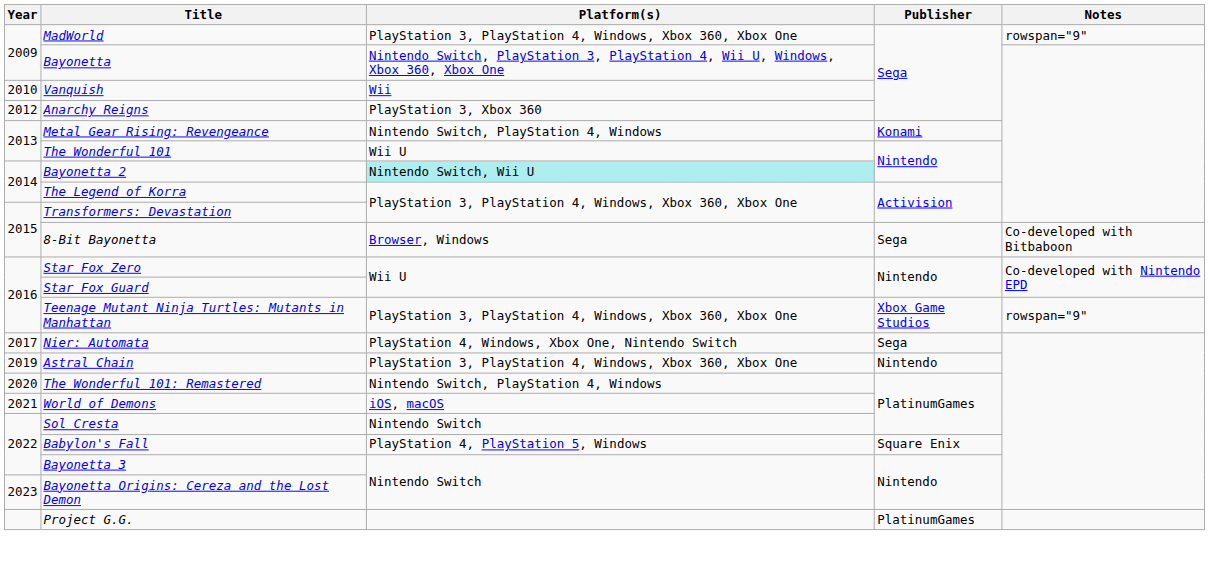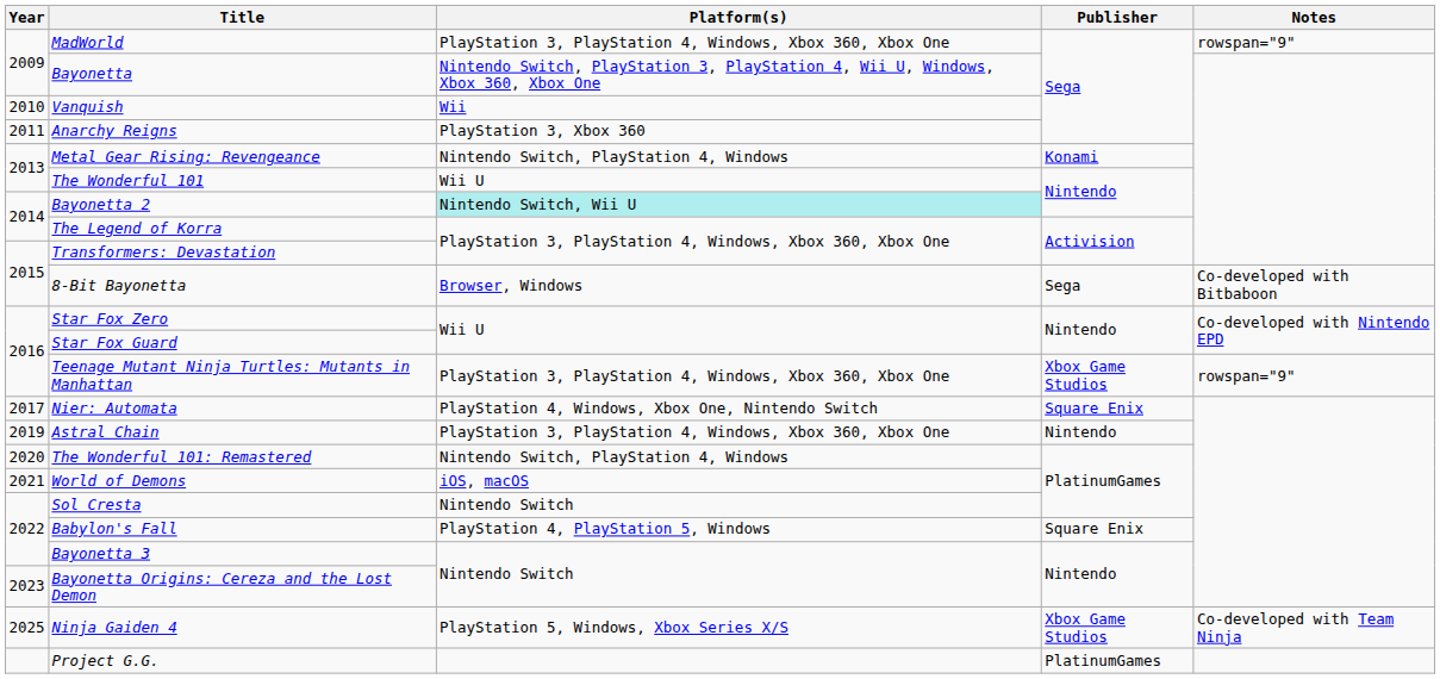 <table class="wikitable sortable">
 <tr>
 <th>Year</th>
 <th>Title</th>
 <th>Platform(s)</th>
 <th>Publisher</th>
 <th class="unsortable">Notes</th>
 </tr>
 <tr>
 <td rowspan="2">2009</td>
 <td><em><a href='#'>MadWorld</a></em></td>
 <td>PlayStation 3, PlayStation 4, Windows, Xbox 360, Xbox One</td>
 <td rowspan="4"><a href='#'>Sega</a></td>
 <td>rowspan="9" </td>
 </tr>
 <tr>
 <td><em><a href='#'>Bayonetta</a></em></td>
 <td><a href='#'>Nintendo Switch</a>, <a href='#'>PlayStation 3</a>, <a href='#'>PlayStation 4</a>, <a href='#'>Wii U</a>, <a href='#'>Windows</a>, <a href='#'>Xbox 360</a>, <a href='#'>Xbox One</a></td>
 </tr>
 <tr>
 <td>2010</td>
 <td><em><a href='#'>Vanquish</a></em></td>
 <td><a href='#'>Wii</a></td>
 </tr>
 <tr>
-<td>2012</td>
+<td>2011</td>
 <td><em><a href='#'>Anarchy Reigns</a></em></td>
 <td>PlayStation 3, Xbox 360</td>
 </tr>
 <tr>
 <td rowspan="2">2013</td>
 <td><em><a href='#'>Metal Gear Rising: Revengeance</a></em></td>
 <td>Nintendo Switch, PlayStation 4, Windows</td>
 <td><a href='#'>Konami</a></td>
 </tr>
 <tr>
 <td><em><a href='#'>The Wonderful 101</a></em></td>
 <td>Wii U</td>
 <td rowspan="2"><a href='#'>Nintendo</a></td>
 </tr>
 <tr>
 <td rowspan="2">2014</td>
 <td><em><a href='#'>Bayonetta 2</a></em></td>
 <td style="background: paleturquoise;">Nintendo Switch, Wii U</td>
 </tr>
 <tr>
 <td><em><a href='#'>The Legend of Korra</a></em></td>
 <td rowspan="2">PlayStation 3, PlayStation 4, Windows, Xbox 360, Xbox One</td>
 <td rowspan="2"><a href='#'>Activision</a></td>
 </tr>
 <tr>
 <td rowspan="2">2015</td>
 <td><em><a href='#'>Transformers: Devastation</a></em></td>
 </tr>
 <tr>
 <td><em>8-Bit Bayonetta</em></td>
 <td><a href='#'>Browser</a>, Windows</td>
 <td>Sega</td>
 <td>Co-developed with Bitbaboon</td>
 </tr>
 <tr>
 <td rowspan="3">2016</td>
 <td><em><a href='#'>Star Fox Zero</a></em></td>
 <td rowspan="2">Wii U</td>
 <td rowspan="2">Nintendo</td>
 <td rowspan="2">Co-developed with <a href='#'>Nintendo EPD</a></td>
 </tr>
 <tr>
 <td><em><a href='#'>Star Fox Guard</a></em></td>
 </tr>
 <tr>
 <td><em><a href='#'>Teenage Mutant Ninja Turtles: Mutants in Manhattan</a></em></td>
 <td>PlayStation 3, PlayStation 4, Windows, Xbox 360, Xbox One</td>
 <td rowspan="1"><a href='#'>Xbox Game Studios</a></td>
 <td>rowspan="9" </td>
 </tr>
 <tr>
 <td rowspan="1">2017</td>
 <td><em><a href='#'>Nier: Automata</a></em></td>
 <td>PlayStation 4, Windows, Xbox One, Nintendo Switch</td>
-<td>Sega</td>
+<td><a href='#'>Square Enix</a></td>
 </tr>
 <tr>
 <td>2019</td>
 <td><em><a href='#'>Astral Chain</a></em></td>
 <td>PlayStation 3, PlayStation 4, Windows, Xbox 360, Xbox One</td>
 <td>Nintendo</td>
 </tr>
 <tr>
 <td>2020</td>
 <td><em><a href='#'>The Wonderful 101: Remastered</a></em></td>
 <td>Nintendo Switch, PlayStation 4, Windows</td>
 <td rowspan="3">PlatinumGames</td>
 </tr>
 <tr>
 <td rowspan="1">2021</td>
 <td><em><a href='#'>World of Demons</a></em></td>
 <td><a href='#'>iOS</a>, <a href='#'>macOS</a></td>
 </tr>
 <tr>
 <td rowspan="3">2022</td>
 <td><em><a href='#'>Sol Cresta</a></em></td>
 <td>Nintendo Switch</td>
 </tr>
 <tr>
 <td><em><a href='#'>Babylon's Fall</a></em></td>
 <td>PlayStation 4, <a href='#'>PlayStation 5</a>, Windows</td>
 <td>Square Enix</td>
 </tr>
 <tr>
 <td><em><a href='#'>Bayonetta 3</a></em></td>
 <td rowspan="2">Nintendo Switch</td>
 <td rowspan="2">Nintendo</td>
 </tr>
 <tr>
 <td rowspan="1">2023</td>
 <td><em><a href='#'>Bayonetta Origins: Cereza and the Lost Demon</a></em></td>
 </tr>
 <tr>
+<td rowspan="1">2025</td>
+<td><em><a href='#'>Ninja Gaiden 4</a></em></td>
+<td rowspan="1">PlayStation 5, Windows, <a href='#'>Xbox Series X/S</a></td>
+<td rowspan="1"><a href='#'>Xbox Game Studios</a></td>
+<td rowspan="1">Co-developed with <a href='#'>Team Ninja</a></td>
+</tr>
+<tr>
 <td></td>
 <td><em>Project G.G.</em></td>
 <td></td>
 <td>PlatinumGames</td>
 <td></td>
 </tr>
 </table>
